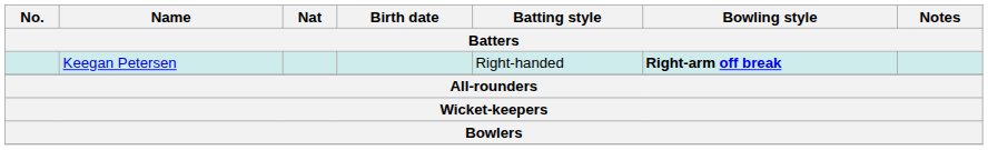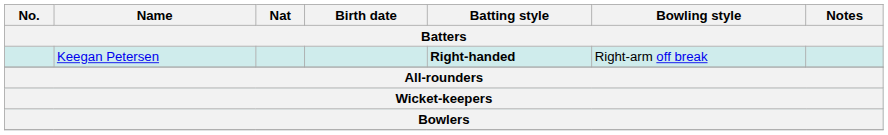 <table class="wikitable sortable"  style="font-size:95%; width:80%;">
 <tr>
 <th>No.</th>
 <th>Name</th>
 <th>Nat</th>
 <th>Birth date</th>
 <th>Batting style</th>
 <th>Bowling style</th>
 <th>Notes</th>
 </tr>
 <tr>
 <th colspan="7">Batters</th>
 </tr>
 <tr bgcolor="#CFECEC">
 <td></td>
 <td><a href='#'>Keegan Petersen</a> </td>
 <td></td>
 <td></td>
-<td>Right-handed</td>
-<td><strong>Right-arm <a href='#'>off break</a></strong></td>
+<td><strong>Right-handed</strong></td>
+<td>Right-arm <a href='#'>off break</a></td>
 <td></td>
 </tr>
 <tr |||| ||>
 </tr>
 <tr>
 <th colspan="7">All-rounders</th>
 </tr>
 <tr bgcolor="#CFECEC">
 <th colspan="7">Wicket-keepers</th>
 </tr>
 <tr bgcolor="#CFECEC">
 <th colspan="7">Bowlers</th>
 </tr>
 <tr>
 </tr>
 </table>
